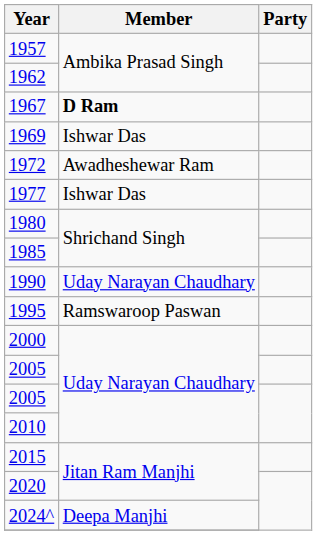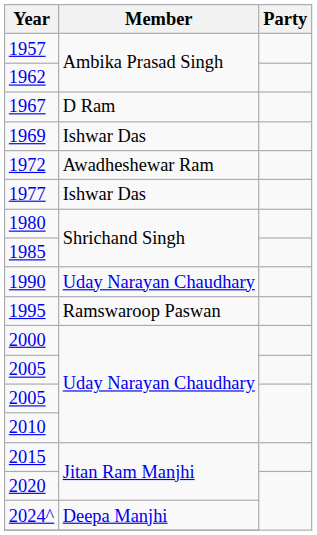 <table class="wikitable sortable">
 <tr>
 <th>Year</th>
 <th>Member</th>
 <th colspan="2">Party</th>
 </tr>
 <tr>
 <td><a href='#'>1957</a></td>
 <td rowspan="2">Ambika Prasad Singh</td>
 <td></td>
 </tr>
 <tr>
 <td><a href='#'>1962</a></td>
 <td></td>
 </tr>
 <tr>
 <td><a href='#'>1967</a></td>
-<td><strong>D Ram</strong></td>
+<td>D Ram</td>
 <td></td>
 </tr>
 <tr>
 <td><a href='#'>1969</a></td>
 <td>Ishwar Das</td>
 <td></td>
 </tr>
 <tr>
 <td><a href='#'>1972</a></td>
 <td>Awadheshewar Ram</td>
 <td></td>
 </tr>
 <tr>
 <td><a href='#'>1977</a></td>
 <td>Ishwar Das</td>
 <td></td>
 </tr>
 <tr>
 <td><a href='#'>1980</a></td>
 <td rowspan="2">Shrichand Singh</td>
 <td></td>
 </tr>
 <tr>
 <td><a href='#'>1985</a></td>
 <td></td>
 </tr>
 <tr>
 <td><a href='#'>1990</a></td>
 <td><a href='#'>Uday Narayan Chaudhary</a></td>
 <td></td>
 </tr>
 <tr>
 <td><a href='#'>1995</a></td>
 <td>Ramswaroop Paswan</td>
 <td></td>
 </tr>
 <tr>
 <td><a href='#'>2000</a></td>
 <td rowspan="4"><a href='#'>Uday Narayan Chaudhary</a></td>
 </tr>
 <tr>
 <td><a href='#'>2005</a></td>
 <td></td>
 </tr>
 <tr>
 <td><a href='#'>2005</a></td>
 </tr>
 <tr>
 <td><a href='#'>2010</a></td>
 </tr>
 <tr>
 <td><a href='#'>2015</a></td>
 <td rowspan="2"><a href='#'>Jitan Ram Manjhi</a></td>
 <td></td>
 </tr>
 <tr>
 <td><a href='#'>2020</a></td>
 </tr>
 <tr>
 <td><a href='#'>2024^</a></td>
 <td><a href='#'>Deepa Manjhi</a></td>
 </tr>
 <tr>
 </tr>
 </table>
